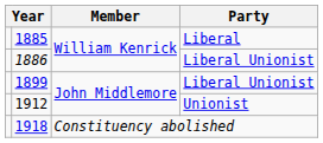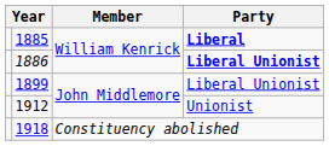 <table class="wikitable">
 <tr>
 <th colspan="2">Year</th>
 <th>Member</th>
 <th>Party</th>
 </tr>
 <tr>
 <td style="color:inherit;background-color: "></td>
 <td><a href='#'>1885</a></td>
 <td rowspan="2"><a href='#'>William Kenrick</a></td>
-<td><a href='#'>Liberal</a></td>
+<td><strong><a href='#'>Liberal</a></strong></td>
 </tr>
 <tr>
 <td style="color:inherit;background-color: "></td>
 <td><em>1886</em></td>
-<td><a href='#'>Liberal Unionist</a></td>
+<td><strong><a href='#'>Liberal Unionist</a></strong></td>
 </tr>
 <tr>
 <td style="color:inherit;background-color: "></td>
 <td><a href='#'>1899</a></td>
 <td rowspan="2"><a href='#'>John Middlemore</a></td>
 <td><a href='#'>Liberal Unionist</a></td>
 </tr>
 <tr>
 <td style="color:inherit;background-color: "></td>
 <td>1912</td>
 <td><a href='#'>Unionist</a></td>
 </tr>
 <tr>
 <td></td>
 <td><a href='#'>1918</a></td>
 <td colspan="2"><em>Constituency abolished</em></td>
 </tr>
 </table>
